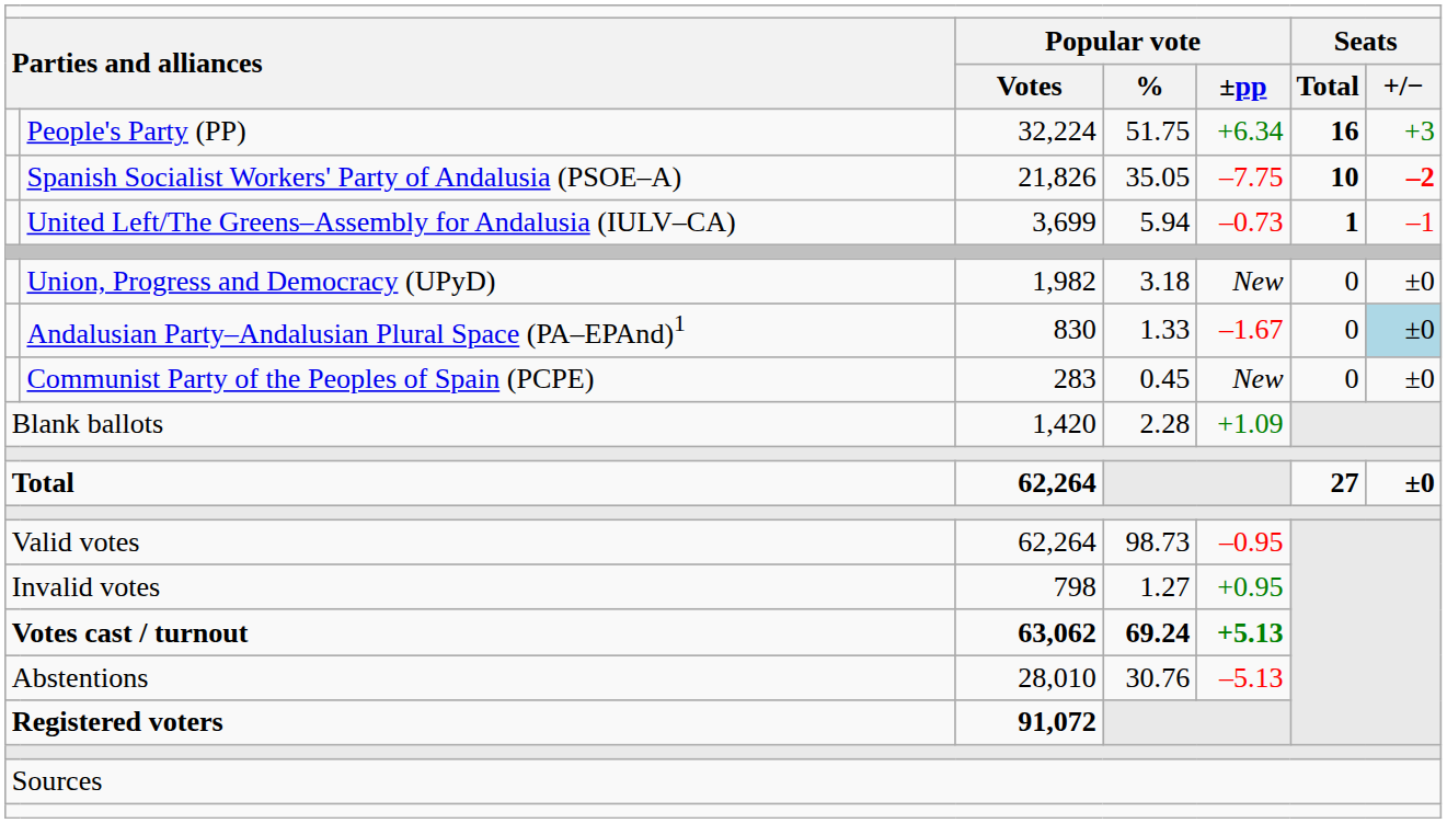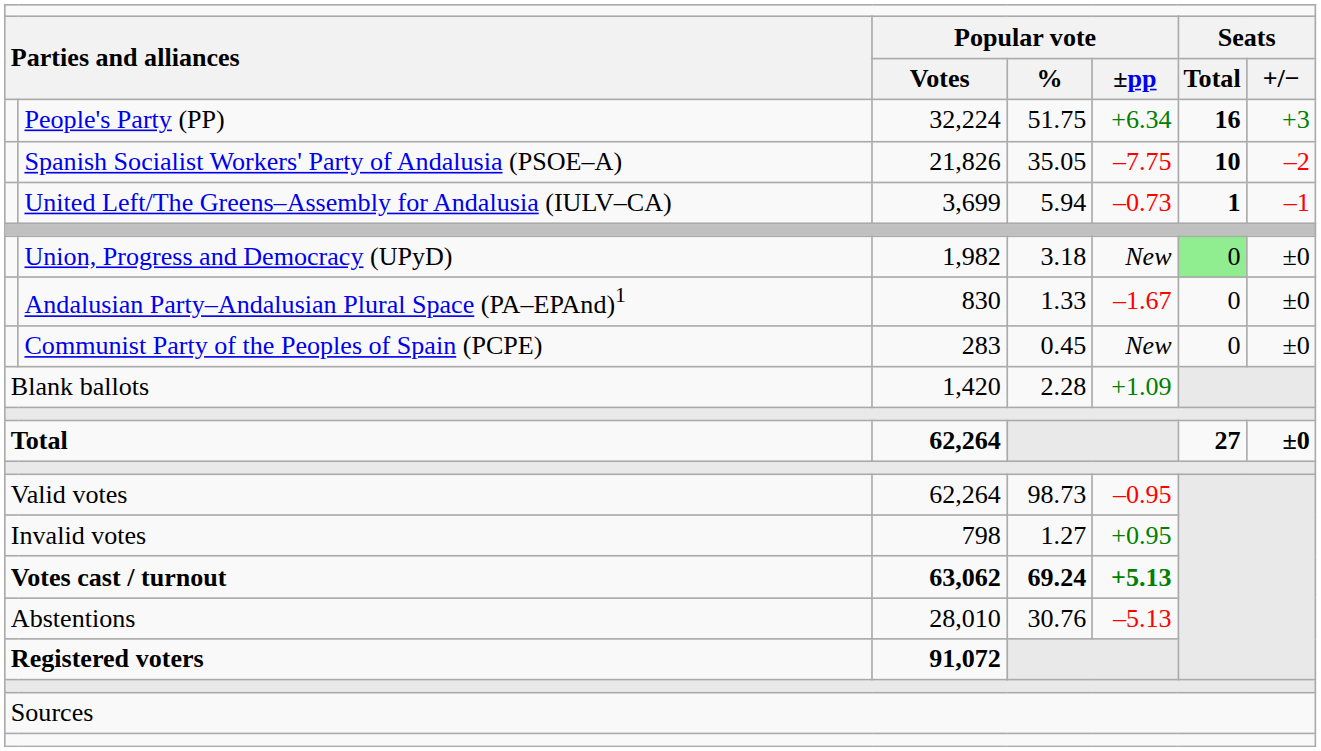 <table class="wikitable" style="text-align:right;">
 <tr>
 <td colspan="7"></td>
 </tr>
 <tr>
 <th style="text-align:left;" rowspan="2" colspan="2" width="525">Parties and alliances</th>
 <th colspan="3">Popular vote</th>
 <th colspan="2">Seats</th>
 </tr>
 <tr>
 <th width="75">Votes</th>
 <th width="45">%</th>
 <th width="45">±<a href='#'>pp</a></th>
 <th width="35">Total</th>
 <th width="35">+/−</th>
 </tr>
 <tr>
 <td width="1" style="color:inherit;background:"></td>
 <td align="left"><a href='#'>People's Party</a> (PP)</td>
 <td>32,224</td>
 <td>51.75</td>
 <td style="color:green;">+6.34</td>
 <td><strong>16</strong></td>
 <td style="color:green;">+3</td>
 </tr>
 <tr>
 <td style="color:inherit;background:"></td>
 <td align="left"><a href='#'>Spanish Socialist Workers' Party of Andalusia</a> (PSOE–A)</td>
 <td>21,826</td>
 <td>35.05</td>
 <td style="color:red;">–7.75</td>
 <td><strong>10</strong></td>
-<td style="color:red;"><strong>–2</strong></td>
+<td style="color:red;">–2</td>
 </tr>
 <tr>
 <td style="color:inherit;background:"></td>
 <td align="left"><a href='#'>United Left/The Greens–Assembly for Andalusia</a> (IULV–CA)</td>
 <td>3,699</td>
 <td>5.94</td>
 <td style="color:red;">–0.73</td>
 <td><strong>1</strong></td>
 <td style="color:red;">–1</td>
 </tr>
 <tr>
 <td colspan="7" bgcolor="#C0C0C0"></td>
 </tr>
 <tr>
 <td style="color:inherit;background:"></td>
 <td align="left"><a href='#'>Union, Progress and Democracy</a> (UPyD)</td>
 <td>1,982</td>
 <td>3.18</td>
 <td><em>New</em></td>
-<td>0</td>
+<td style="background: lightgreen;">0</td>
 <td>±0</td>
 </tr>
 <tr>
 <td style="color:inherit;background:"></td>
 <td align="left"><a href='#'>Andalusian Party–Andalusian Plural Space</a> (PA–EPAnd)<sup>1</sup></td>
 <td>830</td>
 <td>1.33</td>
 <td style="color:red;">–1.67</td>
 <td>0</td>
-<td style="background: lightblue;">±0</td>
+<td>±0</td>
 </tr>
 <tr>
 <td style="color:inherit;background:"></td>
 <td align="left"><a href='#'>Communist Party of the Peoples of Spain</a> (PCPE)</td>
 <td>283</td>
 <td>0.45</td>
 <td><em>New</em></td>
 <td>0</td>
 <td>±0</td>
 </tr>
 <tr>
 <td align="left" colspan="2">Blank ballots</td>
 <td>1,420</td>
 <td>2.28</td>
 <td style="color:green;">+1.09</td>
 <td bgcolor="#E9E9E9" colspan="2"></td>
 </tr>
 <tr>
 <td colspan="7" bgcolor="#E9E9E9"></td>
 </tr>
 <tr style="font-weight:bold;">
 <td align="left" colspan="2">Total</td>
 <td>62,264</td>
 <td bgcolor="#E9E9E9" colspan="2"></td>
 <td>27</td>
 <td>±0</td>
 </tr>
 <tr>
 <td colspan="7" bgcolor="#E9E9E9"></td>
 </tr>
 <tr>
 <td align="left" colspan="2">Valid votes</td>
 <td>62,264</td>
 <td>98.73</td>
 <td style="color:red;">–0.95</td>
 <td bgcolor="#E9E9E9" colspan="2" rowspan="5"></td>
 </tr>
 <tr>
 <td align="left" colspan="2">Invalid votes</td>
 <td>798</td>
 <td>1.27</td>
 <td style="color:green;">+0.95</td>
 </tr>
 <tr style="font-weight:bold;">
 <td align="left" colspan="2">Votes cast / turnout</td>
 <td>63,062</td>
 <td>69.24</td>
 <td style="color:green;">+5.13</td>
 </tr>
 <tr>
 <td align="left" colspan="2">Abstentions</td>
 <td>28,010</td>
 <td>30.76</td>
 <td style="color:red;">–5.13</td>
 </tr>
 <tr style="font-weight:bold;">
 <td align="left" colspan="2">Registered voters</td>
 <td>91,072</td>
 <td bgcolor="#E9E9E9" colspan="2"></td>
 </tr>
 <tr>
 <td colspan="7" bgcolor="#E9E9E9"></td>
 </tr>
 <tr>
 <td align="left" colspan="7">Sources</td>
 </tr>
 <tr>
 <td colspan="7" style="text-align:left; max-width:790px;"></td>
 </tr>
 </table>
